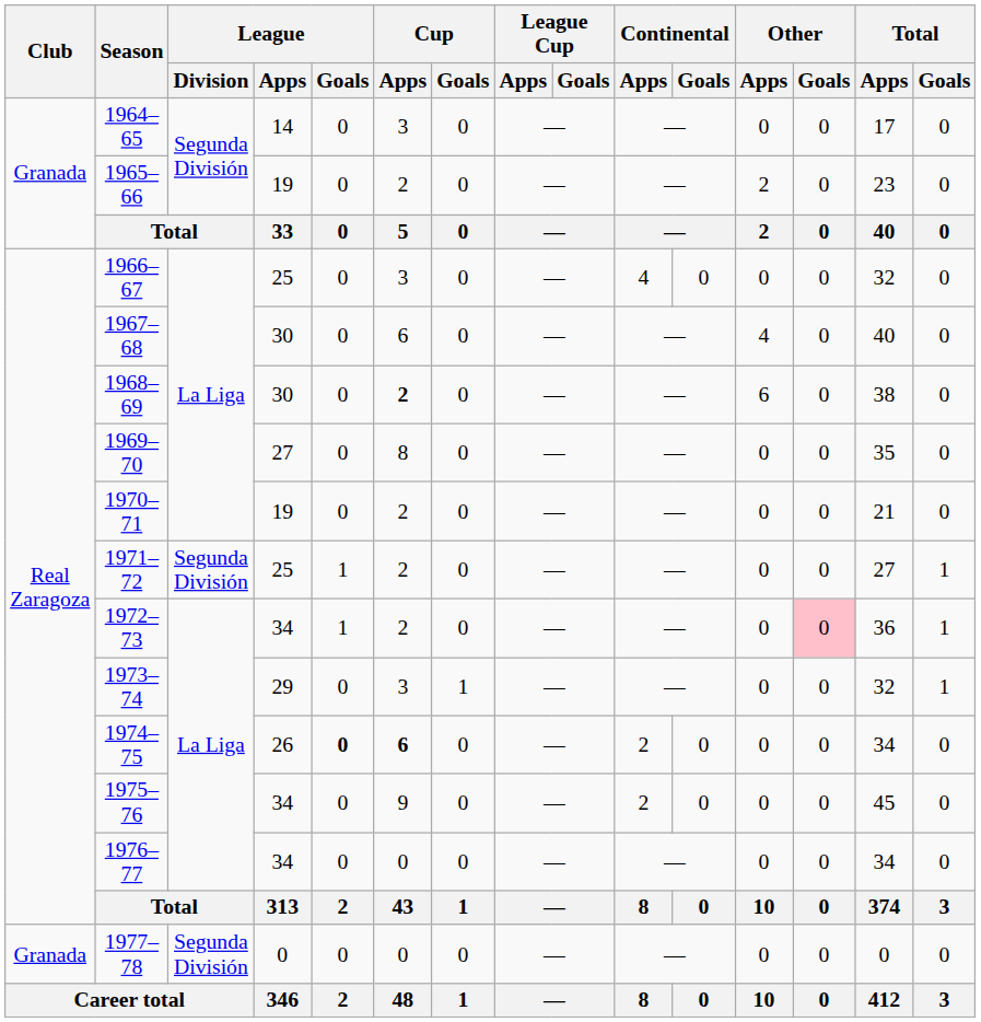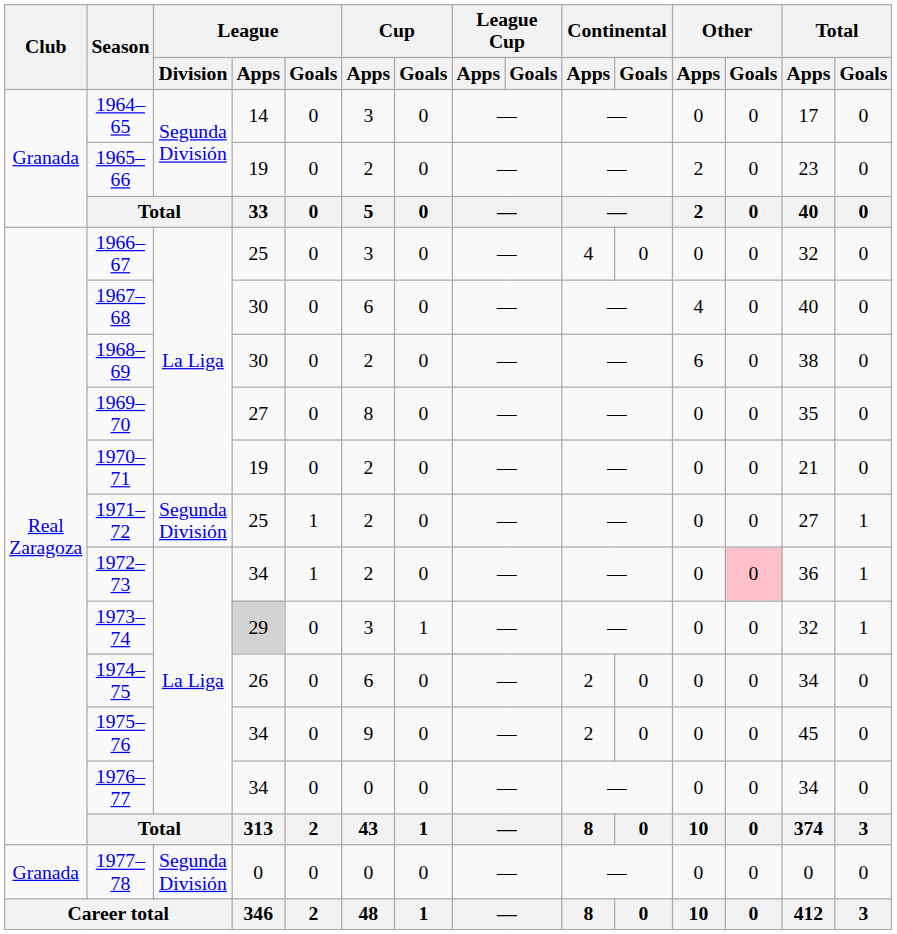 <table class="wikitable" style="text-align:center">
 <tr>
 <th rowspan="2">Club</th>
 <th rowspan="2">Season</th>
 <th colspan="3">League</th>
 <th colspan="2">Cup</th>
 <th colspan="2">League Cup</th>
 <th colspan="2">Continental</th>
 <th colspan="2">Other</th>
 <th colspan="2">Total</th>
 </tr>
 <tr>
 <th>Division</th>
 <th>Apps</th>
 <th>Goals</th>
 <th>Apps</th>
 <th>Goals</th>
 <th>Apps</th>
 <th>Goals</th>
 <th>Apps</th>
 <th>Goals</th>
 <th>Apps</th>
 <th>Goals</th>
 <th>Apps</th>
 <th>Goals</th>
 </tr>
 <tr>
 <td rowspan="3"><a href='#'>Granada</a></td>
 <td><a href='#'>1964–65</a></td>
 <td rowspan="2"><a href='#'>Segunda División</a></td>
 <td>14</td>
 <td>0</td>
 <td>3</td>
 <td>0</td>
 <td colspan="2">—</td>
 <td colspan="2">—</td>
 <td>0</td>
 <td>0</td>
 <td>17</td>
 <td>0</td>
 </tr>
 <tr>
 <td><a href='#'>1965–66</a></td>
 <td>19</td>
 <td>0</td>
 <td>2</td>
 <td>0</td>
 <td colspan="2">—</td>
 <td colspan="2">—</td>
 <td>2</td>
 <td>0</td>
 <td>23</td>
 <td>0</td>
 </tr>
 <tr>
 <th colspan="2">Total</th>
 <th>33</th>
 <th>0</th>
 <th>5</th>
 <th>0</th>
 <th colspan="2">—</th>
 <th colspan="2">—</th>
 <th>2</th>
 <th>0</th>
 <th>40</th>
 <th>0</th>
 </tr>
 <tr>
 <td rowspan="12"><a href='#'>Real Zaragoza</a></td>
 <td><a href='#'>1966–67</a></td>
 <td rowspan="5"><a href='#'>La Liga</a></td>
 <td>25</td>
 <td>0</td>
 <td>3</td>
 <td>0</td>
 <td colspan="2">—</td>
 <td>4</td>
 <td>0</td>
 <td>0</td>
 <td>0</td>
 <td>32</td>
 <td>0</td>
 </tr>
 <tr>
 <td><a href='#'>1967–68</a></td>
 <td>30</td>
 <td>0</td>
 <td>6</td>
 <td>0</td>
 <td colspan="2">—</td>
 <td colspan="2">—</td>
 <td>4</td>
 <td>0</td>
 <td>40</td>
 <td>0</td>
 </tr>
 <tr>
 <td><a href='#'>1968–69</a></td>
 <td>30</td>
 <td>0</td>
-<td><strong>2</strong></td>
+<td>2</td>
 <td>0</td>
 <td colspan="2">—</td>
 <td colspan="2">—</td>
 <td>6</td>
 <td>0</td>
 <td>38</td>
 <td>0</td>
 </tr>
 <tr>
 <td><a href='#'>1969–70</a></td>
 <td>27</td>
 <td>0</td>
 <td>8</td>
 <td>0</td>
 <td colspan="2">—</td>
 <td colspan="2">—</td>
 <td>0</td>
 <td>0</td>
 <td>35</td>
 <td>0</td>
 </tr>
 <tr>
 <td><a href='#'>1970–71</a></td>
 <td>19</td>
 <td>0</td>
 <td>2</td>
 <td>0</td>
 <td colspan="2">—</td>
 <td colspan="2">—</td>
 <td>0</td>
 <td>0</td>
 <td>21</td>
 <td>0</td>
 </tr>
 <tr>
 <td><a href='#'>1971–72</a></td>
 <td rowspan="1"><a href='#'>Segunda División</a></td>
 <td>25</td>
 <td>1</td>
 <td>2</td>
 <td>0</td>
 <td colspan="2">—</td>
 <td colspan="2">—</td>
 <td>0</td>
 <td>0</td>
 <td>27</td>
 <td>1</td>
 </tr>
 <tr>
 <td><a href='#'>1972–73</a></td>
 <td rowspan="5"><a href='#'>La Liga</a></td>
 <td>34</td>
 <td>1</td>
 <td>2</td>
 <td>0</td>
 <td colspan="2">—</td>
 <td colspan="2">—</td>
 <td>0</td>
 <td style="background: pink;">0</td>
 <td>36</td>
 <td>1</td>
 </tr>
 <tr>
 <td><a href='#'>1973–74</a></td>
-<td>29</td>
+<td style="background: lightgrey;">29</td>
 <td>0</td>
 <td>3</td>
 <td>1</td>
 <td colspan="2">—</td>
 <td colspan="2">—</td>
 <td>0</td>
 <td>0</td>
 <td>32</td>
 <td>1</td>
 </tr>
 <tr>
 <td><a href='#'>1974–75</a></td>
 <td>26</td>
-<td><strong>0</strong></td>
-<td><strong>6</strong></td>
+<td>0</td>
+<td>6</td>
 <td>0</td>
 <td colspan="2">—</td>
 <td>2</td>
 <td>0</td>
 <td>0</td>
 <td>0</td>
 <td>34</td>
 <td>0</td>
 </tr>
 <tr>
 <td><a href='#'>1975–76</a></td>
 <td>34</td>
 <td>0</td>
 <td>9</td>
 <td>0</td>
 <td colspan="2">—</td>
 <td>2</td>
 <td>0</td>
 <td>0</td>
 <td>0</td>
 <td>45</td>
 <td>0</td>
 </tr>
 <tr>
 <td><a href='#'>1976–77</a></td>
 <td>34</td>
 <td>0</td>
 <td>0</td>
 <td>0</td>
 <td colspan="2">—</td>
 <td colspan="2">—</td>
 <td>0</td>
 <td>0</td>
 <td>34</td>
 <td>0</td>
 </tr>
 <tr>
 <th colspan="2">Total</th>
 <th>313</th>
 <th>2</th>
 <th>43</th>
 <th>1</th>
 <th colspan="2">—</th>
 <th>8</th>
 <th>0</th>
 <th>10</th>
 <th>0</th>
 <th>374</th>
 <th>3</th>
 </tr>
 <tr>
 <td rowspan="1"><a href='#'>Granada</a></td>
 <td><a href='#'>1977–78</a></td>
 <td rowspan="1"><a href='#'>Segunda División</a></td>
 <td>0</td>
 <td>0</td>
 <td>0</td>
 <td>0</td>
 <td colspan="2">—</td>
 <td colspan="2">—</td>
 <td>0</td>
 <td>0</td>
 <td>0</td>
 <td>0</td>
 </tr>
 <tr>
 <th colspan="3">Career total</th>
 <th>346</th>
 <th>2</th>
 <th>48</th>
 <th>1</th>
 <th colspan="2">—</th>
 <th>8</th>
 <th>0</th>
 <th>10</th>
 <th>0</th>
 <th>412</th>
 <th>3</th>
 </tr>
 </table>
